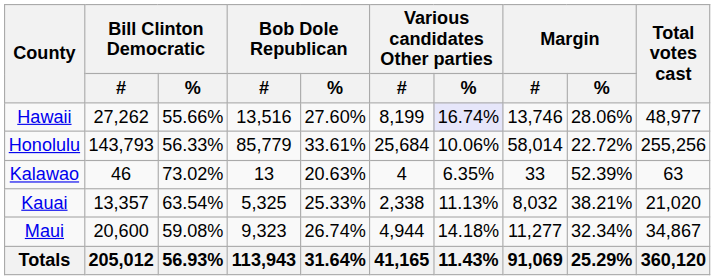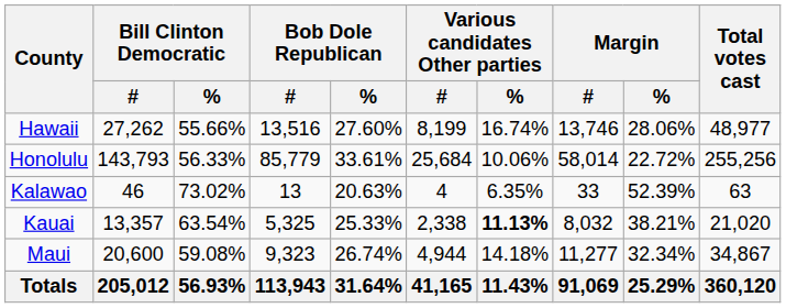 <table width="60%"  class="wikitable sortable" style="text-align:center">
 <tr>
 <th style="text-align:center;" rowspan="2">County</th>
 <th style="text-align:center;" colspan="2">Bill Clinton<br>Democratic</th>
 <th style="text-align:center;" colspan="2">Bob Dole<br>Republican</th>
 <th style="text-align:center;" colspan="2">Various candidates<br>Other parties</th>
 <th style="text-align:center;" colspan="2">Margin</th>
 <th style="text-align:center;" rowspan="2">Total votes cast</th>
 </tr>
 <tr>
 <th style="text-align:center;" data-sort-type="number">#</th>
 <th style="text-align:center;" data-sort-type="number">%</th>
 <th style="text-align:center;" data-sort-type="number">#</th>
 <th style="text-align:center;" data-sort-type="number">%</th>
 <th style="text-align:center;" data-sort-type="number">#</th>
 <th style="text-align:center;" data-sort-type="number">%</th>
 <th style="text-align:center;" data-sort-type="number">#</th>
 <th style="text-align:center;" data-sort-type="number">%</th>
 </tr>
 <tr style="text-align:center;">
 <td><a href='#'>Hawaii</a></td>
 <td>27,262</td>
 <td>55.66%</td>
 <td>13,516</td>
 <td>27.60%</td>
 <td>8,199</td>
-<td style="background: lavender;">16.74%</td>
+<td>16.74%</td>
 <td>13,746</td>
 <td>28.06%</td>
 <td>48,977</td>
 </tr>
 <tr style="text-align:center;">
 <td><a href='#'>Honolulu</a></td>
 <td>143,793</td>
 <td>56.33%</td>
 <td>85,779</td>
 <td>33.61%</td>
 <td>25,684</td>
 <td>10.06%</td>
 <td>58,014</td>
 <td>22.72%</td>
 <td>255,256</td>
 </tr>
 <tr style="text-align:center;">
 <td><a href='#'>Kalawao</a></td>
 <td>46</td>
 <td>73.02%</td>
 <td>13</td>
 <td>20.63%</td>
 <td>4</td>
 <td>6.35%</td>
 <td>33</td>
 <td>52.39%</td>
 <td>63</td>
 </tr>
 <tr style="text-align:center;">
 <td><a href='#'>Kauai</a></td>
 <td>13,357</td>
 <td>63.54%</td>
 <td>5,325</td>
 <td>25.33%</td>
 <td>2,338</td>
-<td>11.13%</td>
+<td><strong>11.13%</strong></td>
 <td>8,032</td>
 <td>38.21%</td>
 <td>21,020</td>
 </tr>
 <tr style="text-align:center;">
 <td><a href='#'>Maui</a></td>
 <td>20,600</td>
 <td>59.08%</td>
 <td>9,323</td>
 <td>26.74%</td>
 <td>4,944</td>
 <td>14.18%</td>
 <td>11,277</td>
 <td>32.34%</td>
 <td>34,867</td>
 </tr>
 <tr>
 <th>Totals</th>
 <th>205,012</th>
 <th>56.93%</th>
 <th>113,943</th>
 <th>31.64%</th>
 <th>41,165</th>
 <th>11.43%</th>
 <th>91,069</th>
 <th>25.29%</th>
 <th>360,120</th>
 </tr>
 </table>
